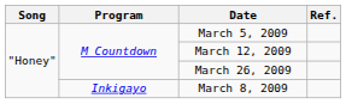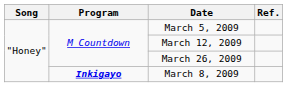 <table class="wikitable" style="text-align:center">
 <tr>
 <th>Song</th>
 <th width="130">Program</th>
 <th width="140">Date</th>
 <th>Ref.</th>
 </tr>
 <tr>
 <td rowspan="4">"Honey"</td>
 <td rowspan="3"><em><a href='#'>M Countdown</a></em></td>
 <td>March 5, 2009</td>
 <td></td>
 </tr>
 <tr>
 <td>March 12, 2009</td>
 <td></td>
 </tr>
 <tr>
 <td>March 26, 2009</td>
 <td></td>
 </tr>
 <tr>
-<td><em><a href='#'>Inkigayo</a></em></td>
+<td><strong><em><a href='#'>Inkigayo</a></em></strong></td>
 <td>March 8, 2009</td>
 <td></td>
 </tr>
 </table>
